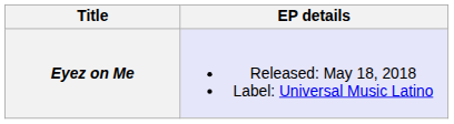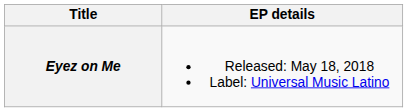 <table class="wikitable plainrowheaders" style="text-align:center;">
 <tr>
 <th scope="col" style="width:11em;">Title</th>
 <th scope="col" style="width:17em;">EP details</th>
 </tr>
 <tr>
 <th scope="row"><em>Eyez on Me</em></th>
-<td style="background: lavender;"><br><ul><li>Released: May 18, 2018</li><li>Label: <a href='#'>Universal Music Latino</a></li></ul></td>
+<td><br><ul><li>Released: May 18, 2018</li><li>Label: <a href='#'>Universal Music Latino</a></li></ul></td>
 </tr>
 </table>
